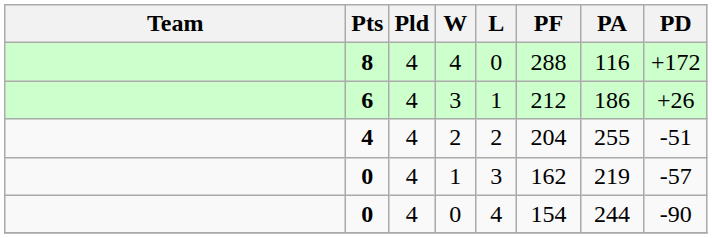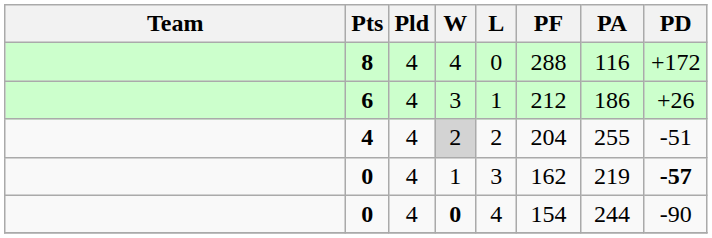 <table class=wikitable style="text-align:center">
 <tr>
 <th width=220>Team</th>
 <th width=20>Pts</th>
 <th width=20>Pld</th>
 <th width=20>W</th>
 <th width=20>L</th>
 <th width=35>PF</th>
 <th width=35>PA</th>
 <th width=35>PD</th>
 </tr>
 <tr style=background:#ccffcc>
 <td align=left></td>
 <td><strong>8</strong></td>
 <td>4</td>
 <td>4</td>
 <td>0</td>
 <td>288</td>
 <td>116</td>
 <td>+172</td>
 </tr>
 <tr style=background:#ccffcc>
 <td align=left></td>
 <td><strong>6</strong></td>
 <td>4</td>
 <td>3</td>
 <td>1</td>
 <td>212</td>
 <td>186</td>
 <td>+26</td>
 </tr>
 <tr>
 <td align=left></td>
 <td><strong>4</strong></td>
 <td>4</td>
-<td>2</td>
+<td style="background: lightgrey;">2</td>
 <td>2</td>
 <td>204</td>
 <td>255</td>
 <td>-51</td>
 </tr>
 <tr>
 <td align=left></td>
 <td><strong>0</strong></td>
 <td>4</td>
 <td>1</td>
 <td>3</td>
 <td>162</td>
 <td>219</td>
-<td>-57</td>
+<td><strong>-57</strong></td>
 </tr>
 <tr>
 <td align=left></td>
 <td><strong>0</strong></td>
 <td>4</td>
-<td>0</td>
+<td><strong>0</strong></td>
 <td>4</td>
 <td>154</td>
 <td>244</td>
 <td>-90</td>
 </tr>
 <tr>
 </tr>
 </table>
